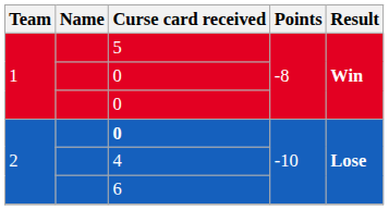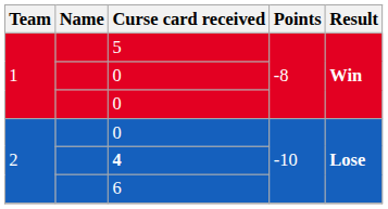 <table class="wikitable" style="width: auto;">
 <tr>
 <th>Team</th>
 <th>Name</th>
 <th>Curse card received</th>
 <th>Points</th>
 <th>Result</th>
 </tr>
 <tr style="background:#E30022;color:#FFFFFF">
 <td rowspan="3">1</td>
 <td></td>
 <td>5</td>
 <td rowspan="3">-8</td>
 <td rowspan="3"><strong>Win</strong></td>
 </tr>
 <tr style="background:#E30022;color:#FFFFFF">
 <td></td>
 <td>0</td>
 </tr>
 <tr style="background:#E30022;color:#FFFFFF">
 <td></td>
 <td>0</td>
 </tr>
 <tr style="background:#1560BD;color:#FFFFFF">
 <td rowspan="3">2</td>
 <td></td>
-<td><strong>0</strong></td>
+<td>0</td>
 <td rowspan="3">-10</td>
 <td rowspan="3"><strong>Lose</strong></td>
 </tr>
 <tr style="background:#1560BD;color:#FFFFFF">
 <td></td>
-<td>4</td>
+<td><strong>4</strong></td>
 </tr>
 <tr style="background:#1560BD;color:#FFFFFF">
 <td></td>
 <td>6</td>
 </tr>
 <tr>
 </tr>
 </table>
